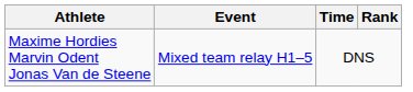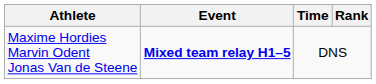 <table class=wikitable style=font-size:90%;text-align:center>
 <tr>
 <th>Athlete</th>
 <th>Event</th>
 <th>Time</th>
 <th>Rank</th>
 </tr>
 <tr align=center>
 <td align=left><a href='#'>Maxime Hordies</a><br><a href='#'>Marvin Odent</a><br><a href='#'>Jonas Van de Steene</a></td>
-<td align=left><a href='#'>Mixed team relay H1–5</a></td>
+<td align=left><strong><a href='#'>Mixed team relay H1–5</a></strong></td>
 <td colspan=2>DNS</td>
 </tr>
 </table>
